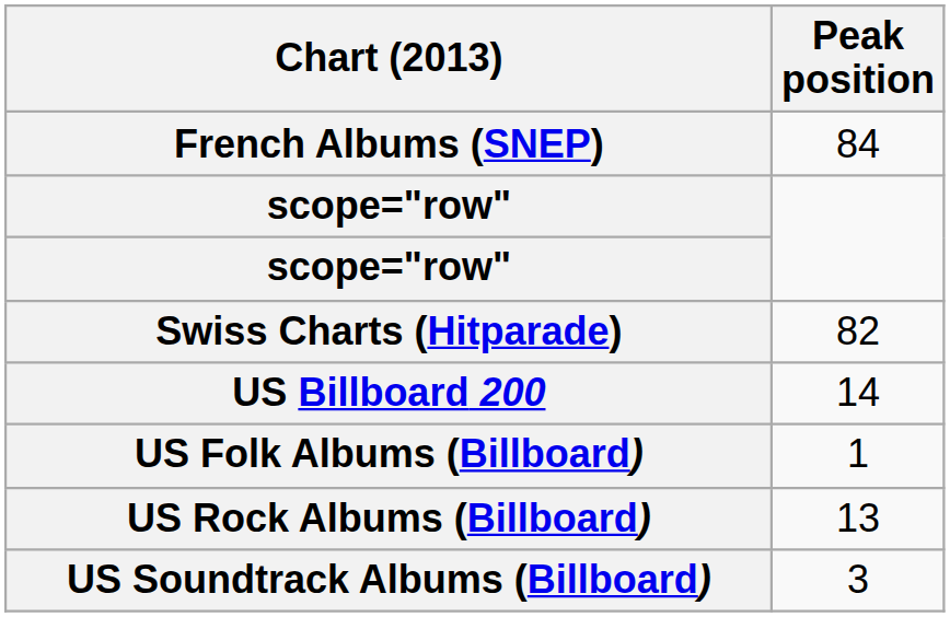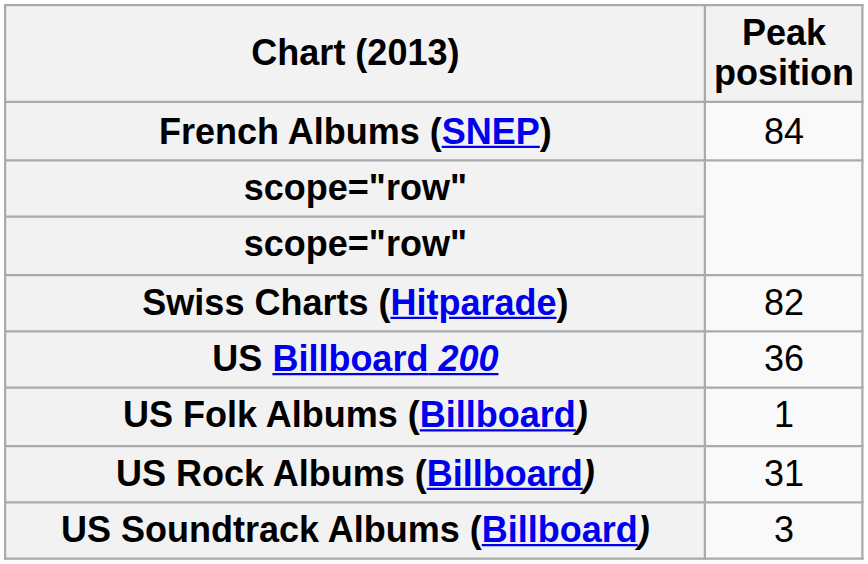 <table class="wikitable sortable plainrowheaders">
 <tr>
 <th scope="col" style="width:19em;">Chart (2013)</th>
 <th scope="col">Peak<br>position</th>
 </tr>
 <tr>
 <th scope="row">French Albums (<a href='#'>SNEP</a>)</th>
 <td align="center">84</td>
 </tr>
 <tr>
 <th>scope="row" </th>
 </tr>
 <tr>
 <th>scope="row" </th>
 </tr>
 <tr>
 <th scope="row">Swiss Charts (<a href='#'>Hitparade</a>)</th>
 <td align="center">82</td>
 </tr>
 <tr>
 <th scope="row">US <em><a href='#'></em>Billboard<em> 200</a></th>
-<td align="center">14</td>
+<td align="center">36</td>
 </tr>
 <tr>
 <th scope="row">US Folk Albums (</em><a href='#'>Billboard</a><em>)</th>
 <td align="center">1</td>
 </tr>
 <tr>
 <th scope="row">US Rock Albums (</em><a href='#'>Billboard</a><em>)</th>
-<td align="center">13</td>
+<td align="center">31</td>
 </tr>
 <tr>
 <th scope="row">US Soundtrack Albums (</em><a href='#'>Billboard</a><em>)</th>
 <td align="center">3</td>
 </tr>
 </table>
